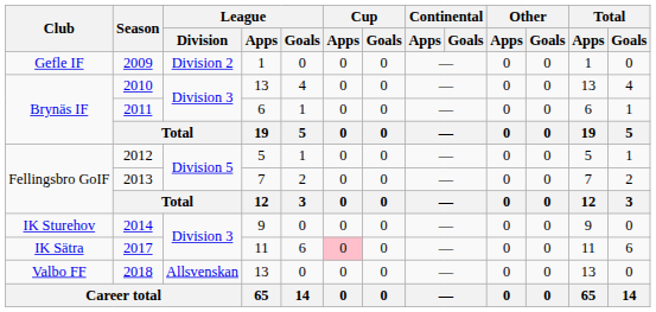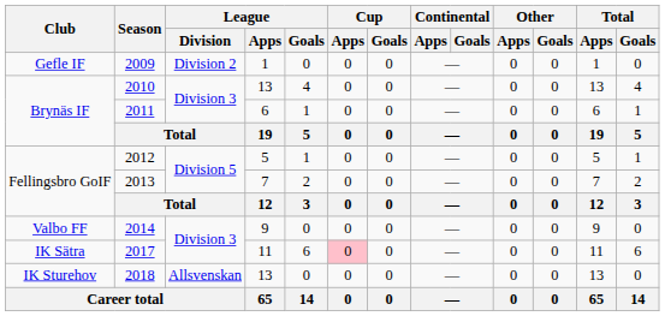 <table class="wikitable" style="text-align:center">
 <tr>
 <th rowspan="2">Club</th>
 <th rowspan="2">Season</th>
 <th colspan="3">League</th>
 <th colspan="2">Cup</th>
 <th colspan="2">Continental</th>
 <th colspan="2">Other</th>
 <th colspan="2">Total</th>
 </tr>
 <tr>
 <th>Division</th>
 <th>Apps</th>
 <th>Goals</th>
 <th>Apps</th>
 <th>Goals</th>
 <th>Apps</th>
 <th>Goals</th>
 <th>Apps</th>
 <th>Goals</th>
 <th>Apps</th>
 <th>Goals</th>
 </tr>
 <tr>
 <td rowspan="1"><a href='#'>Gefle IF</a></td>
 <td><a href='#'>2009</a></td>
 <td rowspan="1"><a href='#'>Division 2</a></td>
 <td>1</td>
 <td>0</td>
 <td>0</td>
 <td>0</td>
 <td colspan="2">—</td>
 <td>0</td>
 <td>0</td>
 <td>1</td>
 <td>0</td>
 </tr>
 <tr>
 <td rowspan="3"><a href='#'>Brynäs IF</a></td>
 <td><a href='#'>2010</a></td>
 <td rowspan="2"><a href='#'>Division 3</a></td>
 <td>13</td>
 <td>4</td>
 <td>0</td>
 <td>0</td>
 <td colspan="2">—</td>
 <td>0</td>
 <td>0</td>
 <td>13</td>
 <td>4</td>
 </tr>
 <tr>
 <td><a href='#'>2011</a></td>
 <td>6</td>
 <td>1</td>
 <td>0</td>
 <td>0</td>
 <td colspan="2">—</td>
 <td>0</td>
 <td>0</td>
 <td>6</td>
 <td>1</td>
 </tr>
 <tr>
 <th colspan="2">Total</th>
 <th>19</th>
 <th>5</th>
 <th>0</th>
 <th>0</th>
 <th colspan="2">—</th>
 <th>0</th>
 <th>0</th>
 <th>19</th>
 <th>5</th>
 </tr>
 <tr>
 <td rowspan="3">Fellingsbro GoIF</td>
 <td>2012</td>
 <td rowspan="2"><a href='#'>Division 5</a></td>
 <td>5</td>
 <td>1</td>
 <td>0</td>
 <td>0</td>
 <td colspan="2">—</td>
 <td>0</td>
 <td>0</td>
 <td>5</td>
 <td>1</td>
 </tr>
 <tr>
 <td>2013</td>
 <td>7</td>
 <td>2</td>
 <td>0</td>
 <td>0</td>
 <td colspan="2">—</td>
 <td>0</td>
 <td>0</td>
 <td>7</td>
 <td>2</td>
 </tr>
 <tr>
 <th colspan="2">Total</th>
 <th>12</th>
 <th>3</th>
 <th>0</th>
 <th>0</th>
 <th colspan="2">—</th>
 <th>0</th>
 <th>0</th>
 <th>12</th>
 <th>3</th>
 </tr>
 <tr>
-<td rowspan="1"><a href='#'>IK Sturehov</a></td>
+<td rowspan="1"><a href='#'>Valbo FF</a></td>
 <td><a href='#'>2014</a></td>
 <td rowspan="2"><a href='#'>Division 3</a></td>
 <td>9</td>
 <td>0</td>
 <td>0</td>
 <td>0</td>
 <td colspan="2">—</td>
 <td>0</td>
 <td>0</td>
 <td>9</td>
 <td>0</td>
 </tr>
 <tr>
 <td rowspan="1"><a href='#'>IK Sätra</a></td>
 <td><a href='#'>2017</a></td>
 <td>11</td>
 <td>6</td>
 <td style="background: pink;">0</td>
 <td>0</td>
 <td colspan="2">—</td>
 <td>0</td>
 <td>0</td>
 <td>11</td>
 <td>6</td>
 </tr>
 <tr>
-<td rowspan="1"><a href='#'>Valbo FF</a></td>
+<td rowspan="1"><a href='#'>IK Sturehov</a></td>
 <td><a href='#'>2018</a></td>
 <td rowspan="1"><a href='#'>Allsvenskan</a></td>
 <td>13</td>
 <td>0</td>
 <td>0</td>
 <td>0</td>
 <td colspan="2">—</td>
 <td>0</td>
 <td>0</td>
 <td>13</td>
 <td>0</td>
 </tr>
 <tr>
 <th colspan="3">Career total</th>
 <th>65</th>
 <th>14</th>
 <th>0</th>
 <th>0</th>
 <th colspan="2">—</th>
 <th>0</th>
 <th>0</th>
 <th>65</th>
 <th>14</th>
 </tr>
 </table>
